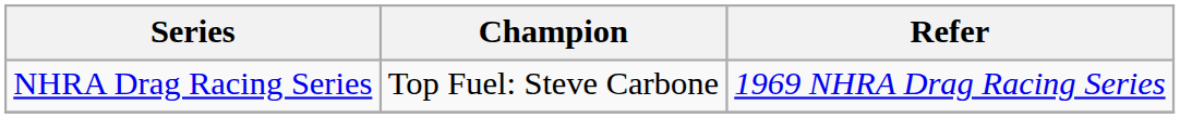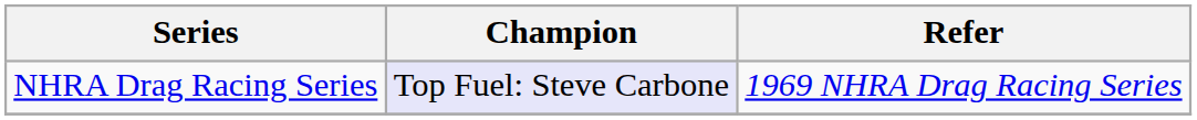 <table class="wikitable" style="font-size:87%;">
 <tr>
 <th>Series</th>
 <th>Champion</th>
 <th>Refer</th>
 </tr>
 <tr>
 <td><a href='#'>NHRA Drag Racing Series</a></td>
-<td>Top Fuel:  Steve Carbone</td>
+<td style="background: lavender;">Top Fuel:  Steve Carbone</td>
 <td><em><a href='#'>1969 NHRA Drag Racing Series</a></em></td>
 </tr>
 <tr>
 </tr>
 </table>
